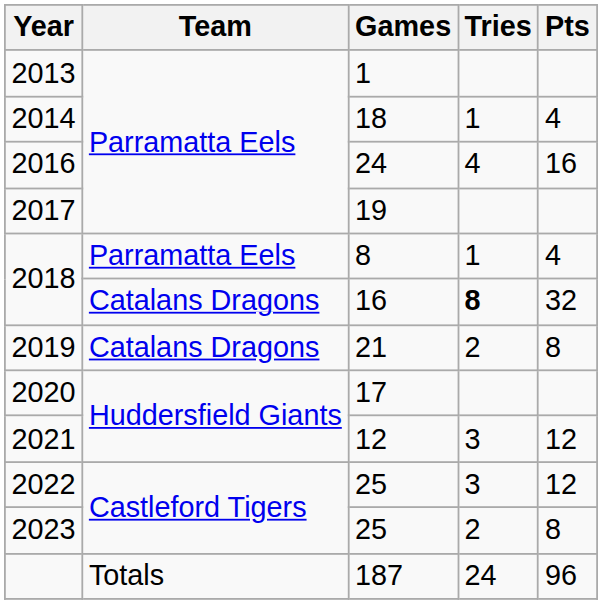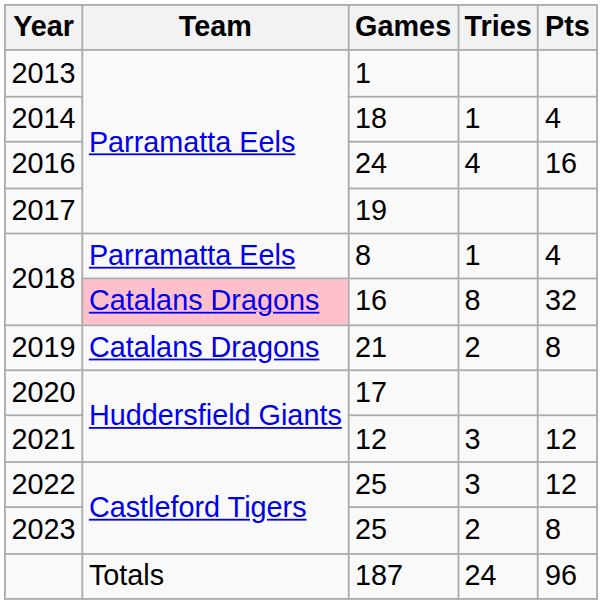 <table class="wikitable">
 <tr>
 <th>Year</th>
 <th>Team</th>
 <th>Games</th>
 <th>Tries</th>
 <th>Pts</th>
 </tr>
 <tr>
 <td>2013</td>
 <td rowspan="4"> <a href='#'>Parramatta Eels</a></td>
 <td>1</td>
 <td></td>
 <td></td>
 </tr>
 <tr>
 <td>2014</td>
 <td>18</td>
 <td>1</td>
 <td>4</td>
 </tr>
 <tr>
 <td>2016</td>
 <td>24</td>
 <td>4</td>
 <td>16</td>
 </tr>
 <tr>
 <td>2017</td>
 <td>19</td>
 <td></td>
 <td></td>
 </tr>
 <tr>
 <td rowspan="2">2018</td>
 <td> <a href='#'>Parramatta Eels</a></td>
 <td>8</td>
 <td>1</td>
 <td>4</td>
 </tr>
 <tr>
-<td> <a href='#'>Catalans Dragons</a></td>
+<td style="background: pink;"> <a href='#'>Catalans Dragons</a></td>
 <td>16</td>
-<td><strong>8</strong></td>
+<td>8</td>
 <td>32</td>
 </tr>
 <tr>
 <td>2019</td>
 <td> <a href='#'>Catalans Dragons</a></td>
 <td>21</td>
 <td>2</td>
 <td>8</td>
 </tr>
 <tr>
 <td>2020</td>
 <td rowspan="2"> <a href='#'>Huddersfield Giants</a></td>
 <td>17</td>
 <td></td>
 <td></td>
 </tr>
 <tr>
 <td>2021</td>
 <td>12</td>
 <td>3</td>
 <td>12</td>
 </tr>
 <tr>
 <td>2022</td>
 <td rowspan="2"> <a href='#'>Castleford Tigers</a></td>
 <td>25</td>
 <td>3</td>
 <td>12</td>
 </tr>
 <tr>
 <td>2023</td>
 <td>25</td>
 <td>2</td>
 <td>8</td>
 </tr>
 <tr>
 <td></td>
 <td>Totals</td>
 <td>187</td>
 <td>24</td>
 <td>96</td>
 </tr>
 </table>
